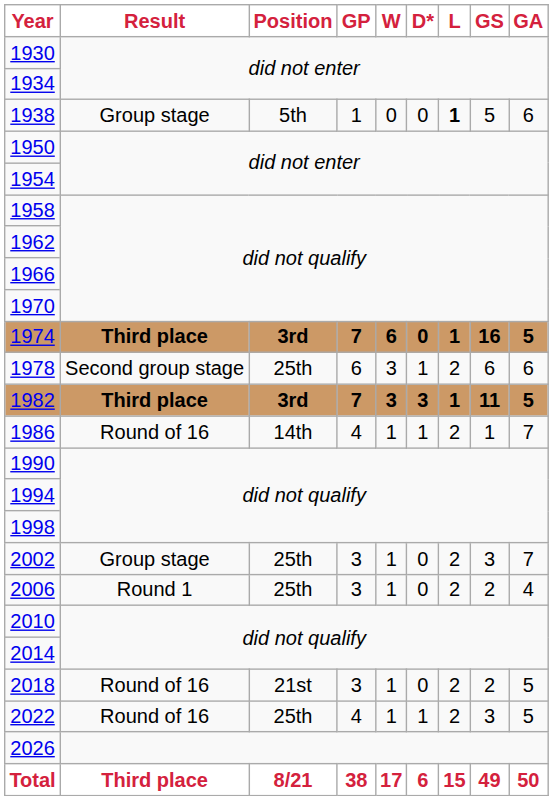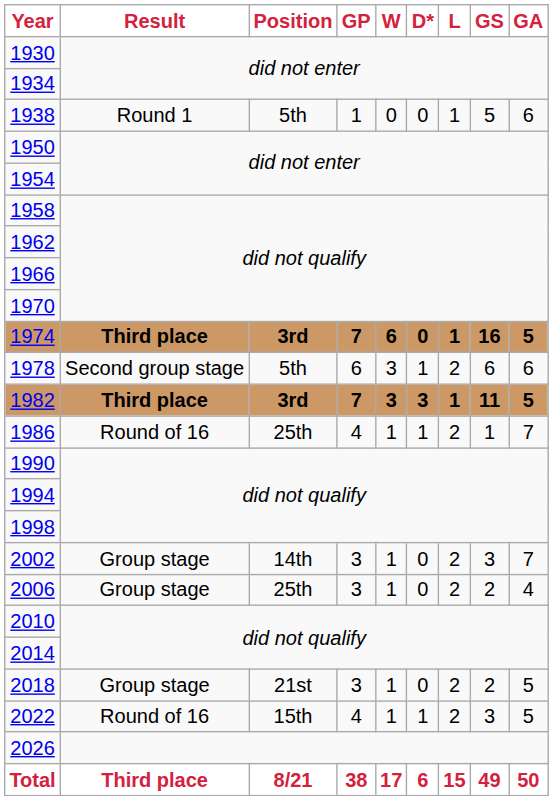 <table class="wikitable" style="font-size:90%; text-align: center;">
 <tr>
 <th style="background: white; color: #D4213D;">Year</th>
 <th style="background: white; color: #D4213D;">Result</th>
 <th style="background: white; color: #D4213D;">Position</th>
 <th style="background: white; color: #D4213D;">GP</th>
 <th style="background: white; color: #D4213D;">W</th>
 <th style="background: white; color: #D4213D;">D*</th>
 <th style="background: white; color: #D4213D;">L</th>
 <th style="background: white; color: #D4213D;">GS</th>
 <th style="background: white; color: #D4213D;">GA</th>
 </tr>
 <tr>
 <td> <a href='#'>1930</a></td>
 <td rowspan=2 colspan=8><em>did not enter</em></td>
 </tr>
 <tr>
 <td> <a href='#'>1934</a></td>
 </tr>
 <tr>
 <td> <a href='#'>1938</a></td>
-<td>Group stage</td>
+<td>Round 1</td>
 <td>5th</td>
 <td>1</td>
 <td>0</td>
 <td>0</td>
-<td><strong>1</strong></td>
+<td>1</td>
 <td>5</td>
 <td>6</td>
 </tr>
 <tr>
 <td> <a href='#'>1950</a></td>
 <td rowspan=2 colspan=8><em>did not enter</em></td>
 </tr>
 <tr>
 <td> <a href='#'>1954</a></td>
 </tr>
 <tr>
 <td> <a href='#'>1958</a></td>
 <td rowspan=4 colspan=8><em>did not qualify</em></td>
 </tr>
 <tr>
 <td> <a href='#'>1962</a></td>
 </tr>
 <tr>
 <td> <a href='#'>1966</a></td>
 </tr>
 <tr>
 <td> <a href='#'>1970</a></td>
 </tr>
 <tr style="background:#c96;">
 <td> <a href='#'>1974</a></td>
 <td><strong>Third place</strong></td>
 <td><strong>3rd</strong></td>
 <td><strong>7</strong></td>
 <td><strong>6</strong></td>
 <td><strong>0</strong></td>
 <td><strong>1</strong></td>
 <td><strong>16</strong></td>
 <td><strong>5</strong></td>
 </tr>
 <tr>
 <td> <a href='#'>1978</a></td>
 <td>Second group stage</td>
-<td>25th</td>
+<td>5th</td>
 <td>6</td>
 <td>3</td>
 <td>1</td>
 <td>2</td>
 <td>6</td>
 <td>6</td>
 </tr>
 <tr style="background:#c96;">
 <td> <a href='#'>1982</a></td>
 <td><strong>Third place</strong></td>
 <td><strong>3rd</strong></td>
 <td><strong>7</strong></td>
 <td><strong>3</strong></td>
 <td><strong>3</strong></td>
 <td><strong>1</strong></td>
 <td><strong>11</strong></td>
 <td><strong>5</strong></td>
 </tr>
 <tr>
 <td> <a href='#'>1986</a></td>
 <td>Round of 16</td>
-<td>14th</td>
+<td>25th</td>
 <td>4</td>
 <td>1</td>
 <td>1</td>
 <td>2</td>
 <td>1</td>
 <td>7</td>
 </tr>
 <tr>
 <td> <a href='#'>1990</a></td>
 <td rowspan=3 colspan=8><em>did not qualify</em></td>
 </tr>
 <tr>
 <td> <a href='#'>1994</a></td>
 </tr>
 <tr>
 <td> <a href='#'>1998</a></td>
 </tr>
 <tr>
 <td>  <a href='#'>2002</a></td>
 <td>Group stage</td>
-<td>25th</td>
+<td>14th</td>
 <td>3</td>
 <td>1</td>
 <td>0</td>
 <td>2</td>
 <td>3</td>
 <td>7</td>
 </tr>
 <tr>
 <td> <a href='#'>2006</a></td>
-<td>Round 1</td>
+<td>Group stage</td>
 <td>25th</td>
 <td>3</td>
 <td>1</td>
 <td>0</td>
 <td>2</td>
 <td>2</td>
 <td>4</td>
 </tr>
 <tr>
 <td> <a href='#'>2010</a></td>
 <td rowspan=2 colspan=8><em>did not qualify</em></td>
 </tr>
 <tr>
 <td> <a href='#'>2014</a></td>
 </tr>
 <tr>
 <td> <a href='#'>2018</a></td>
-<td>Round of 16</td>
+<td>Group stage</td>
 <td>21st</td>
 <td>3</td>
 <td>1</td>
 <td>0</td>
 <td>2</td>
 <td>2</td>
 <td>5</td>
 </tr>
 <tr>
 <td> <a href='#'>2022</a></td>
 <td>Round of 16</td>
-<td>25th</td>
+<td>15th</td>
 <td>4</td>
 <td>1</td>
 <td>1</td>
 <td>2</td>
 <td>3</td>
 <td>5</td>
 </tr>
 <tr>
 <td>   <a href='#'>2026</a></td>
 </tr>
 <tr>
 <td style="background: white; color: #D4213D;"><strong>Total</strong></td>
 <td style="background: white; color: #D4213D;"><strong>Third place</strong></td>
 <td style="background: white; color: #D4213D;"><strong>8/21</strong></td>
 <td style="background: white; color: #D4213D;"><strong>38</strong></td>
 <td style="background: white; color: #D4213D;"><strong>17</strong></td>
 <td style="background: white; color: #D4213D;"><strong>6</strong></td>
 <td style="background: white; color: #D4213D;"><strong>15</strong></td>
 <td style="background: white; color: #D4213D;"><strong>49</strong></td>
 <td style="background: white; color: #D4213D;"><strong>50</strong></td>
 </tr>
 </table>
